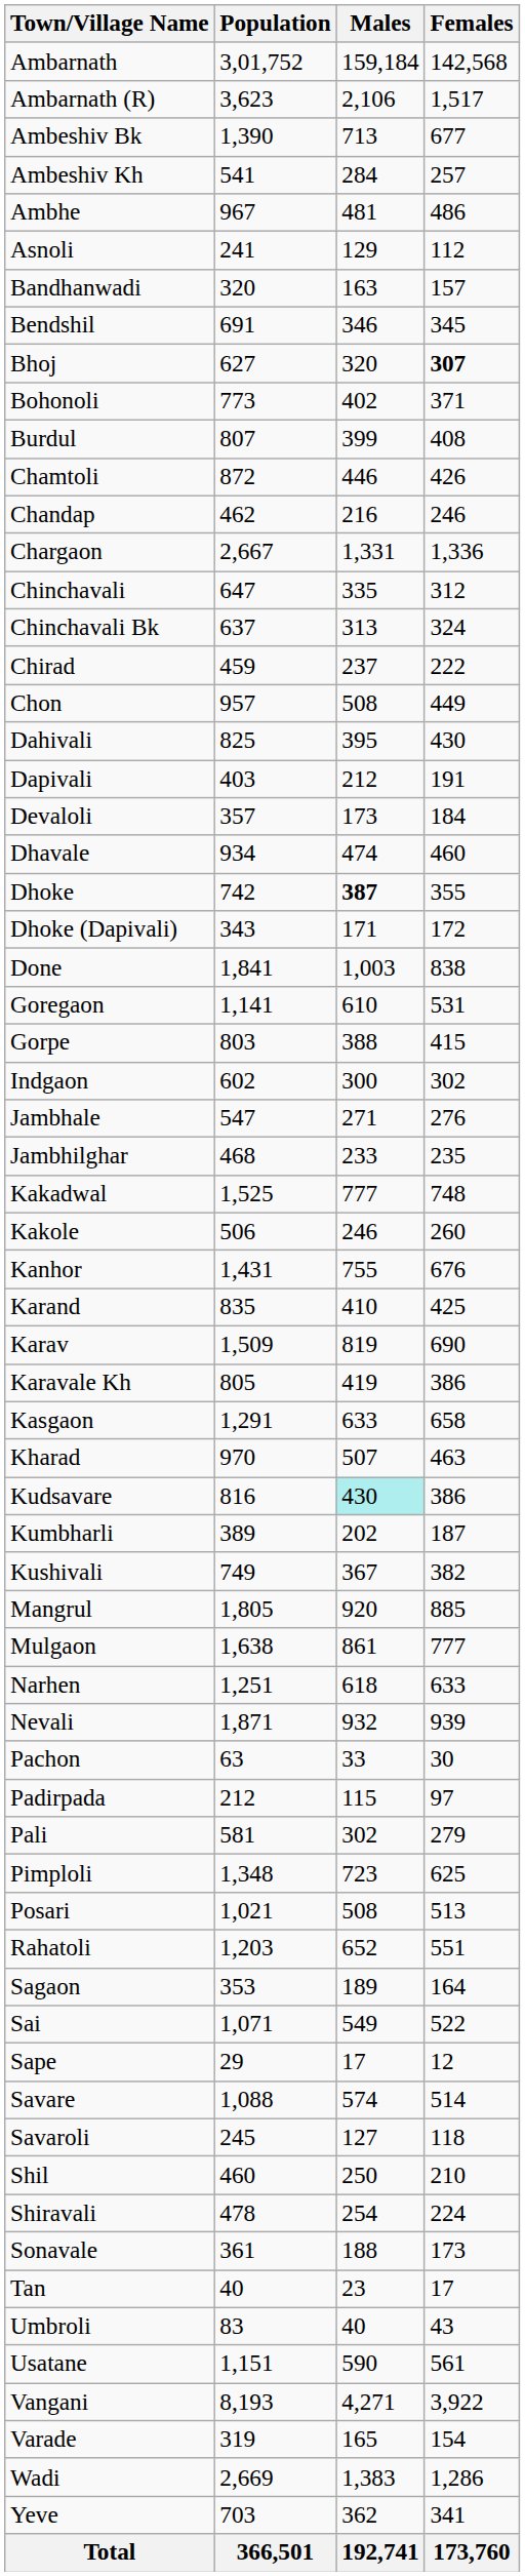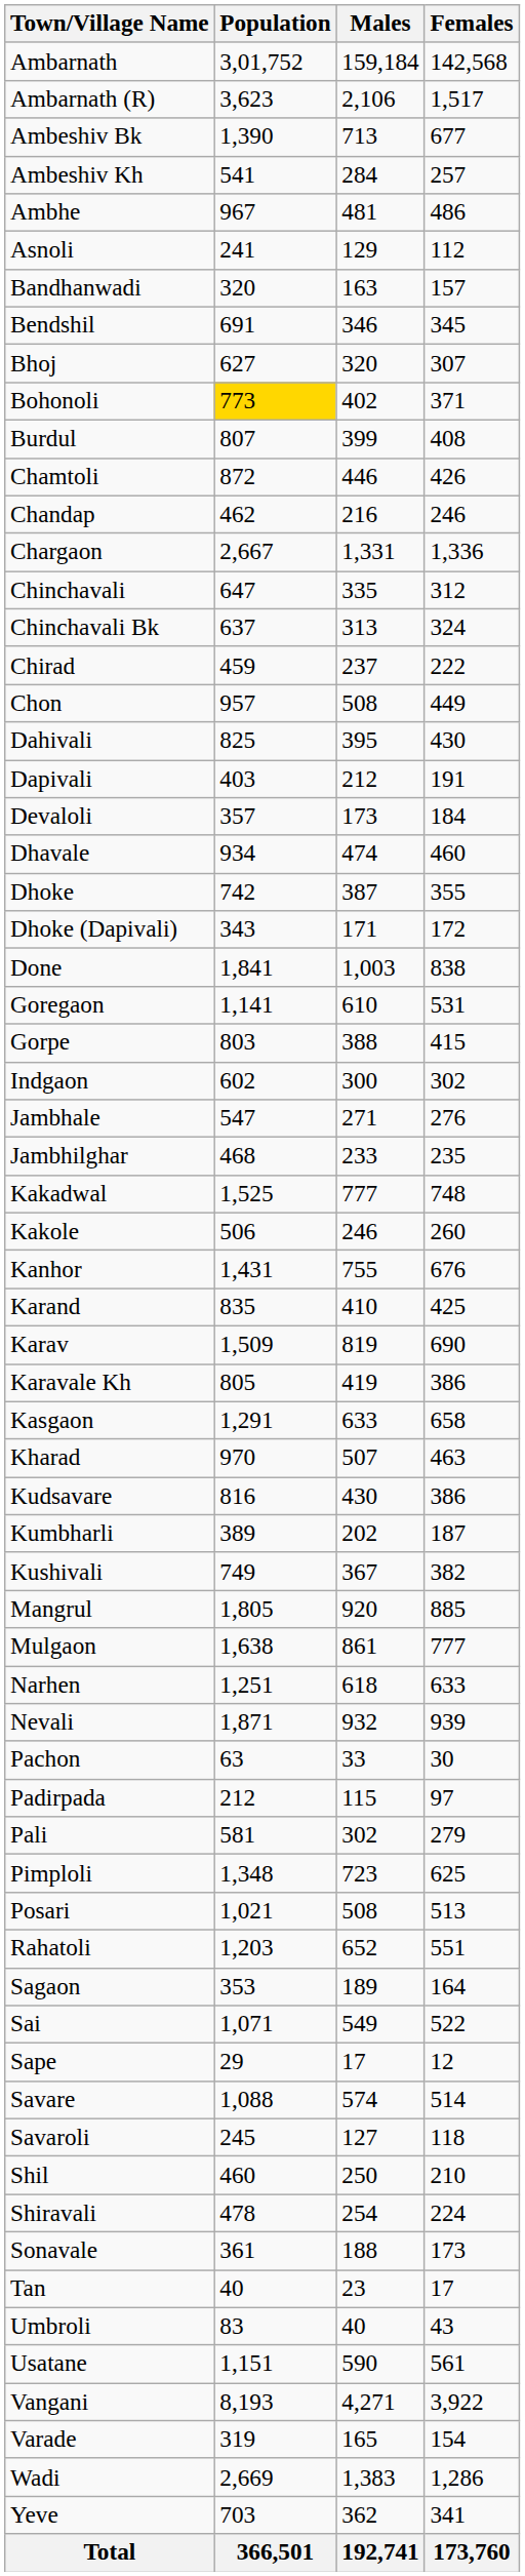 <table class="wikitable sortable collapsible collapsed">
 <tr>
 <th>Town/Village Name</th>
 <th>Population</th>
 <th>Males</th>
 <th>Females</th>
 </tr>
 <tr>
 <td>Ambarnath</td>
 <td>3,01,752</td>
 <td>159,184</td>
 <td>142,568</td>
 </tr>
 <tr>
 <td>Ambarnath (R)</td>
 <td>3,623</td>
 <td>2,106</td>
 <td>1,517</td>
 </tr>
 <tr>
 <td>Ambeshiv Bk</td>
 <td>1,390</td>
 <td>713</td>
 <td>677</td>
 </tr>
 <tr>
 <td>Ambeshiv Kh</td>
 <td>541</td>
 <td>284</td>
 <td>257</td>
 </tr>
 <tr>
 <td>Ambhe</td>
 <td>967</td>
 <td>481</td>
 <td>486</td>
 </tr>
 <tr>
 <td>Asnoli</td>
 <td>241</td>
 <td>129</td>
 <td>112</td>
 </tr>
 <tr>
 <td>Bandhanwadi</td>
 <td>320</td>
 <td>163</td>
 <td>157</td>
 </tr>
 <tr>
 <td>Bendshil</td>
 <td>691</td>
 <td>346</td>
 <td>345</td>
 </tr>
 <tr>
 <td>Bhoj</td>
 <td>627</td>
 <td>320</td>
-<td><strong>307</strong></td>
+<td>307</td>
 </tr>
 <tr>
 <td>Bohonoli</td>
-<td>773</td>
+<td style="background: gold;">773</td>
 <td>402</td>
 <td>371</td>
 </tr>
 <tr>
 <td>Burdul</td>
 <td>807</td>
 <td>399</td>
 <td>408</td>
 </tr>
 <tr>
 <td>Chamtoli</td>
 <td>872</td>
 <td>446</td>
 <td>426</td>
 </tr>
 <tr>
 <td>Chandap</td>
 <td>462</td>
 <td>216</td>
 <td>246</td>
 </tr>
 <tr>
 <td>Chargaon</td>
 <td>2,667</td>
 <td>1,331</td>
 <td>1,336</td>
 </tr>
 <tr>
 <td>Chinchavali</td>
 <td>647</td>
 <td>335</td>
 <td>312</td>
 </tr>
 <tr>
 <td>Chinchavali Bk</td>
 <td>637</td>
 <td>313</td>
 <td>324</td>
 </tr>
 <tr>
 <td>Chirad</td>
 <td>459</td>
 <td>237</td>
 <td>222</td>
 </tr>
 <tr>
 <td>Chon</td>
 <td>957</td>
 <td>508</td>
 <td>449</td>
 </tr>
 <tr>
 <td>Dahivali</td>
 <td>825</td>
 <td>395</td>
 <td>430</td>
 </tr>
 <tr>
 <td>Dapivali</td>
 <td>403</td>
 <td>212</td>
 <td>191</td>
 </tr>
 <tr>
 <td>Devaloli</td>
 <td>357</td>
 <td>173</td>
 <td>184</td>
 </tr>
 <tr>
 <td>Dhavale</td>
 <td>934</td>
 <td>474</td>
 <td>460</td>
 </tr>
 <tr>
 <td>Dhoke</td>
 <td>742</td>
-<td><strong>387</strong></td>
+<td>387</td>
 <td>355</td>
 </tr>
 <tr>
 <td>Dhoke (Dapivali)</td>
 <td>343</td>
 <td>171</td>
 <td>172</td>
 </tr>
 <tr>
 <td>Done</td>
 <td>1,841</td>
 <td>1,003</td>
 <td>838</td>
 </tr>
 <tr>
 <td>Goregaon</td>
 <td>1,141</td>
 <td>610</td>
 <td>531</td>
 </tr>
 <tr>
 <td>Gorpe</td>
 <td>803</td>
 <td>388</td>
 <td>415</td>
 </tr>
 <tr>
 <td>Indgaon</td>
 <td>602</td>
 <td>300</td>
 <td>302</td>
 </tr>
 <tr>
 <td>Jambhale</td>
 <td>547</td>
 <td>271</td>
 <td>276</td>
 </tr>
 <tr>
 <td>Jambhilghar</td>
 <td>468</td>
 <td>233</td>
 <td>235</td>
 </tr>
 <tr>
 <td>Kakadwal</td>
 <td>1,525</td>
 <td>777</td>
 <td>748</td>
 </tr>
 <tr>
 <td>Kakole</td>
 <td>506</td>
 <td>246</td>
 <td>260</td>
 </tr>
 <tr>
 <td>Kanhor</td>
 <td>1,431</td>
 <td>755</td>
 <td>676</td>
 </tr>
 <tr>
 <td>Karand</td>
 <td>835</td>
 <td>410</td>
 <td>425</td>
 </tr>
 <tr>
 <td>Karav</td>
 <td>1,509</td>
 <td>819</td>
 <td>690</td>
 </tr>
 <tr>
 <td>Karavale Kh</td>
 <td>805</td>
 <td>419</td>
 <td>386</td>
 </tr>
 <tr>
 <td>Kasgaon</td>
 <td>1,291</td>
 <td>633</td>
 <td>658</td>
 </tr>
 <tr>
 <td>Kharad</td>
 <td>970</td>
 <td>507</td>
 <td>463</td>
 </tr>
 <tr>
 <td>Kudsavare</td>
 <td>816</td>
-<td style="background: paleturquoise;">430</td>
+<td>430</td>
 <td>386</td>
 </tr>
 <tr>
 <td>Kumbharli</td>
 <td>389</td>
 <td>202</td>
 <td>187</td>
 </tr>
 <tr>
 <td>Kushivali</td>
 <td>749</td>
 <td>367</td>
 <td>382</td>
 </tr>
 <tr>
 <td>Mangrul</td>
 <td>1,805</td>
 <td>920</td>
 <td>885</td>
 </tr>
 <tr>
 <td>Mulgaon</td>
 <td>1,638</td>
 <td>861</td>
 <td>777</td>
 </tr>
 <tr>
 <td>Narhen</td>
 <td>1,251</td>
 <td>618</td>
 <td>633</td>
 </tr>
 <tr>
 <td>Nevali</td>
 <td>1,871</td>
 <td>932</td>
 <td>939</td>
 </tr>
 <tr>
 <td>Pachon</td>
 <td>63</td>
 <td>33</td>
 <td>30</td>
 </tr>
 <tr>
 <td>Padirpada</td>
 <td>212</td>
 <td>115</td>
 <td>97</td>
 </tr>
 <tr>
 <td>Pali</td>
 <td>581</td>
 <td>302</td>
 <td>279</td>
 </tr>
 <tr>
 <td>Pimploli</td>
 <td>1,348</td>
 <td>723</td>
 <td>625</td>
 </tr>
 <tr>
 <td>Posari</td>
 <td>1,021</td>
 <td>508</td>
 <td>513</td>
 </tr>
 <tr>
 <td>Rahatoli</td>
 <td>1,203</td>
 <td>652</td>
 <td>551</td>
 </tr>
 <tr>
 <td>Sagaon</td>
 <td>353</td>
 <td>189</td>
 <td>164</td>
 </tr>
 <tr>
 <td>Sai</td>
 <td>1,071</td>
 <td>549</td>
 <td>522</td>
 </tr>
 <tr>
 <td>Sape</td>
 <td>29</td>
 <td>17</td>
 <td>12</td>
 </tr>
 <tr>
 <td>Savare</td>
 <td>1,088</td>
 <td>574</td>
 <td>514</td>
 </tr>
 <tr>
 <td>Savaroli</td>
 <td>245</td>
 <td>127</td>
 <td>118</td>
 </tr>
 <tr>
 <td>Shil</td>
 <td>460</td>
 <td>250</td>
 <td>210</td>
 </tr>
 <tr>
 <td>Shiravali</td>
 <td>478</td>
 <td>254</td>
 <td>224</td>
 </tr>
 <tr>
 <td>Sonavale</td>
 <td>361</td>
 <td>188</td>
 <td>173</td>
 </tr>
 <tr>
 <td>Tan</td>
 <td>40</td>
 <td>23</td>
 <td>17</td>
 </tr>
 <tr>
 <td>Umbroli</td>
 <td>83</td>
 <td>40</td>
 <td>43</td>
 </tr>
 <tr>
 <td>Usatane</td>
 <td>1,151</td>
 <td>590</td>
 <td>561</td>
 </tr>
 <tr>
 <td>Vangani</td>
 <td>8,193</td>
 <td>4,271</td>
 <td>3,922</td>
 </tr>
 <tr>
 <td>Varade</td>
 <td>319</td>
 <td>165</td>
 <td>154</td>
 </tr>
 <tr>
 <td>Wadi</td>
 <td>2,669</td>
 <td>1,383</td>
 <td>1,286</td>
 </tr>
 <tr>
 <td>Yeve</td>
 <td>703</td>
 <td>362</td>
 <td>341</td>
 </tr>
 <tr>
 <th>Total</th>
 <th>366,501</th>
 <th>192,741</th>
 <th>173,760</th>
 </tr>
 </table>
